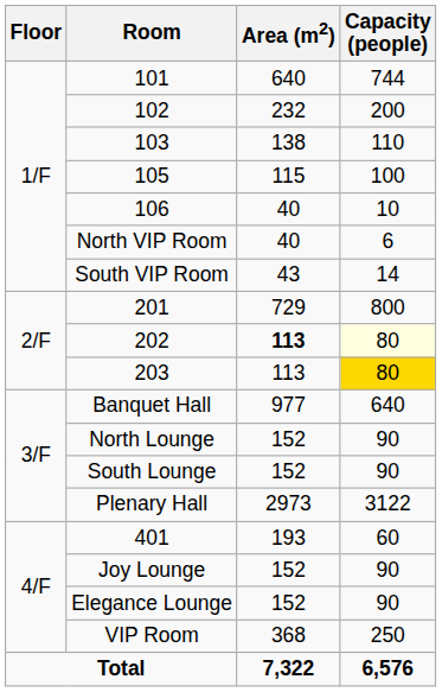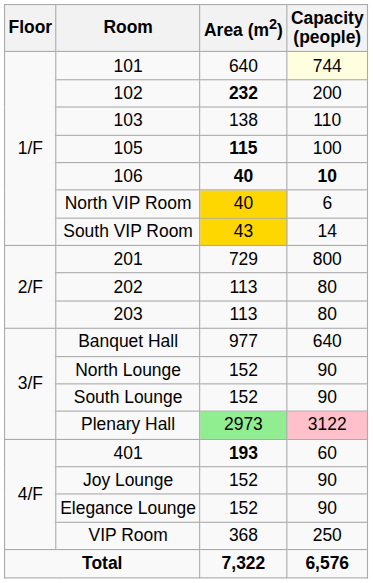 <table class="wikitable sortable" style="text-align:center">
 <tr>
 <th>Floor</th>
 <th>Room</th>
 <th>Area (m<sup>2</sup>)</th>
 <th>Capacity<br>(people)</th>
 </tr>
 <tr>
 <td rowspan="7">1/F</td>
 <td>101</td>
 <td>640</td>
-<td>744</td>
+<td style="background: lightyellow;">744</td>
 </tr>
 <tr>
 <td>102</td>
-<td>232</td>
+<td><strong>232</strong></td>
 <td>200</td>
 </tr>
 <tr>
 <td>103</td>
 <td>138</td>
 <td>110</td>
 </tr>
 <tr>
 <td>105</td>
-<td>115</td>
+<td><strong>115</strong></td>
 <td>100</td>
 </tr>
 <tr>
 <td>106</td>
-<td>40</td>
-<td>10</td>
+<td><strong>40</strong></td>
+<td><strong>10</strong></td>
 </tr>
 <tr>
 <td>North VIP Room</td>
-<td>40</td>
+<td style="background: gold;">40</td>
 <td>6</td>
 </tr>
 <tr>
 <td>South VIP Room</td>
-<td>43</td>
+<td style="background: gold;">43</td>
 <td>14</td>
 </tr>
 <tr>
 <td rowspan="3">2/F</td>
 <td>201</td>
 <td>729</td>
 <td>800</td>
 </tr>
 <tr>
 <td>202</td>
-<td><strong>113</strong></td>
-<td style="background: lightyellow;">80</td>
+<td>113</td>
+<td>80</td>
 </tr>
 <tr>
 <td>203</td>
 <td>113</td>
-<td style="background: gold;">80</td>
+<td>80</td>
 </tr>
 <tr>
 <td rowspan="4">3/F</td>
 <td>Banquet Hall</td>
 <td>977</td>
 <td>640</td>
 </tr>
 <tr>
 <td>North Lounge</td>
 <td>152</td>
 <td>90</td>
 </tr>
 <tr>
 <td>South Lounge</td>
 <td>152</td>
 <td>90</td>
 </tr>
 <tr>
 <td>Plenary Hall</td>
-<td>2973</td>
-<td>3122</td>
+<td style="background: lightgreen;">2973</td>
+<td style="background: pink;">3122</td>
 </tr>
 <tr>
 <td rowspan="4">4/F</td>
 <td>401</td>
-<td>193</td>
+<td><strong>193</strong></td>
 <td>60</td>
 </tr>
 <tr>
 <td>Joy Lounge</td>
 <td>152</td>
 <td>90</td>
 </tr>
 <tr>
 <td>Elegance Lounge</td>
 <td>152</td>
 <td>90</td>
 </tr>
 <tr>
 <td>VIP Room</td>
 <td>368</td>
 <td>250</td>
 </tr>
 <tr class=sortbottom>
 <td colspan="2"><strong>Total</strong></td>
 <td><strong>7,322</strong></td>
 <td><strong>6,576</strong></td>
 </tr>
 </table>
